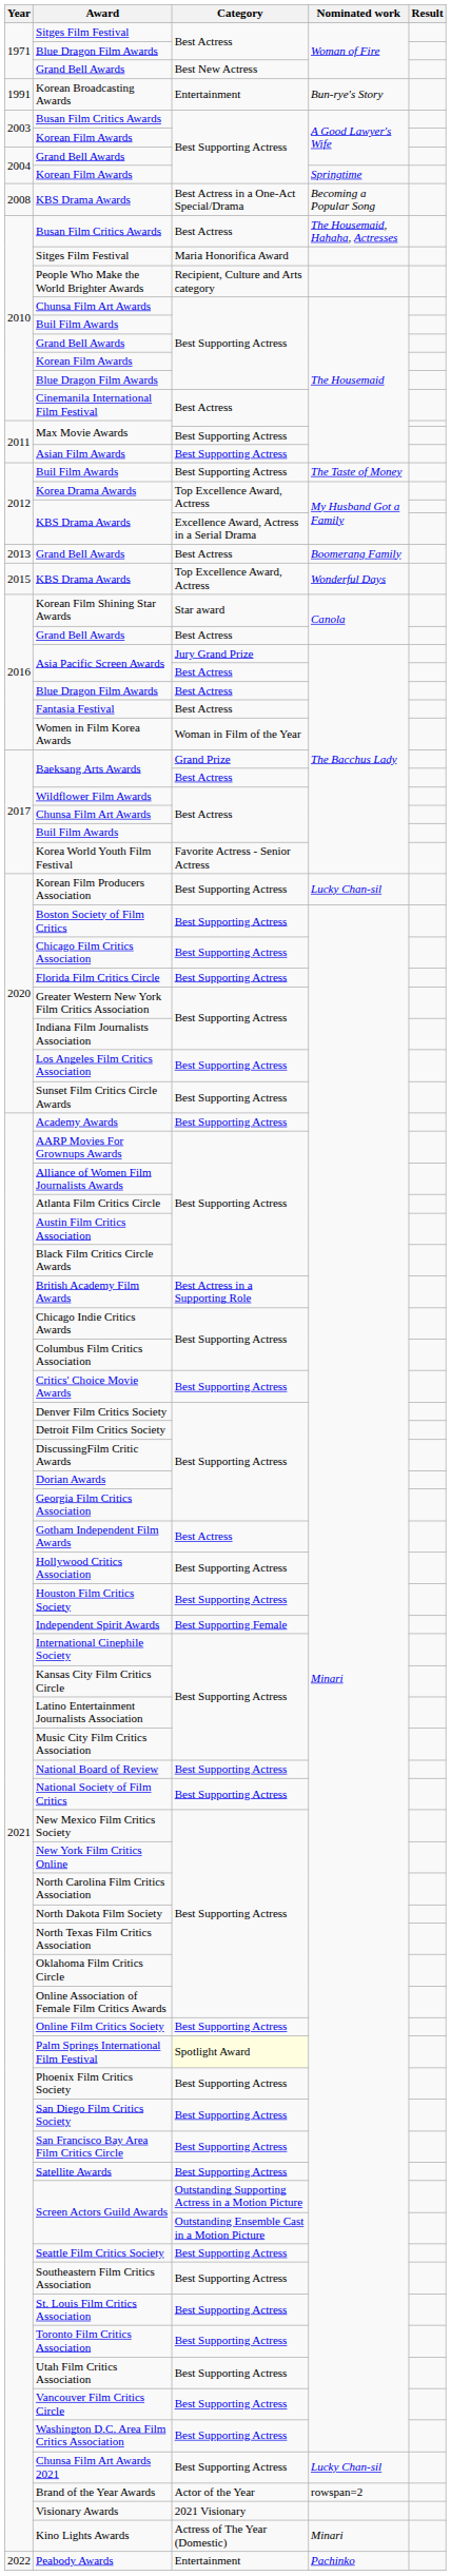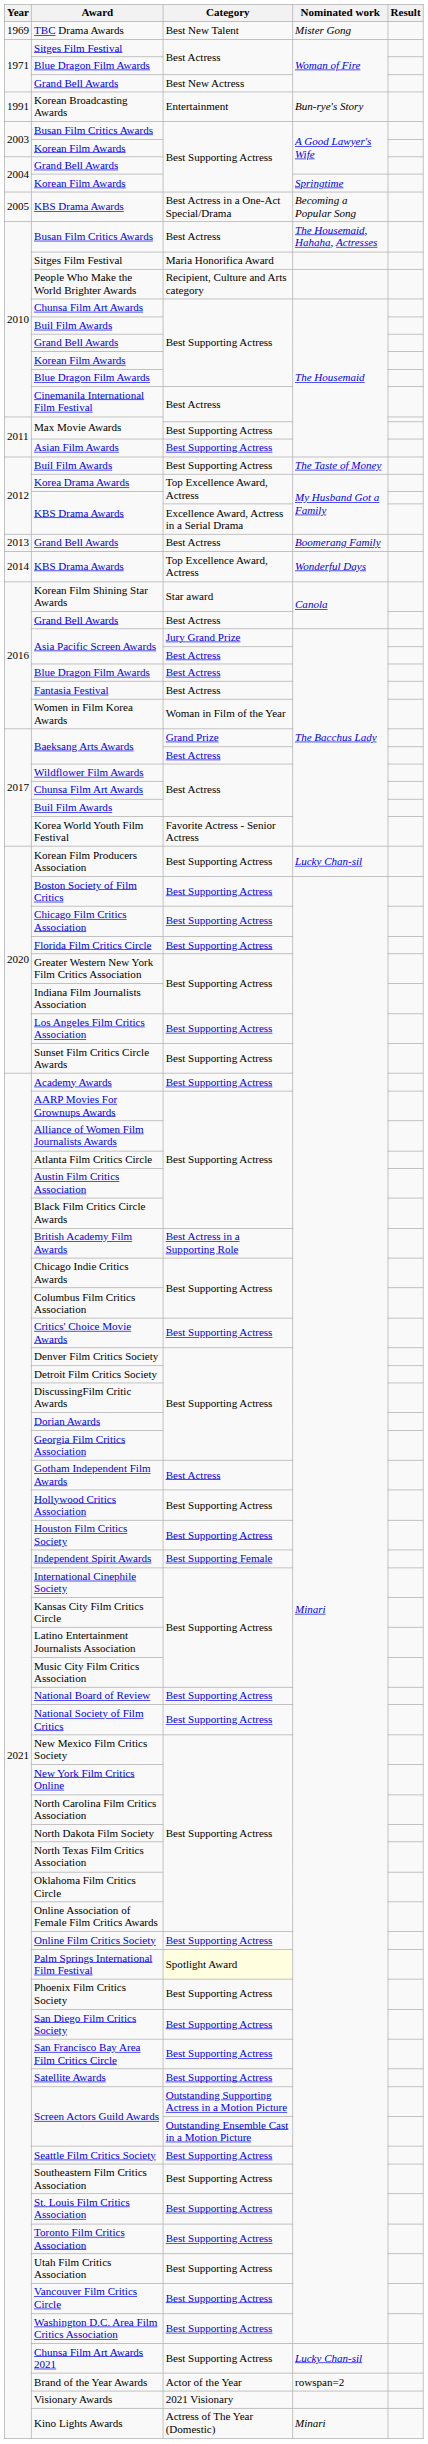 <table class="wikitable sortable">
 <tr>
 <th>Year</th>
 <th>Award</th>
 <th>Category</th>
 <th>Nominated work</th>
 <th>Result</th>
+</tr>
+<tr>
+<td>1969</td>
+<td><a href='#'>TBC</a> Drama Awards</td>
+<td>Best New Talent</td>
+<td><em>Mister Gong</em></td>
+<td></td>
 </tr>
 <tr>
 <td rowspan=3>1971</td>
 <td><a href='#'>Sitges Film Festival</a></td>
 <td rowspan="2">Best Actress</td>
 <td rowspan=3><em><a href='#'>Woman of Fire</a></em></td>
 <td></td>
 </tr>
 <tr>
 <td><a href='#'>Blue Dragon Film Awards</a></td>
 <td></td>
 </tr>
 <tr>
 <td><a href='#'>Grand Bell Awards</a></td>
 <td>Best New Actress</td>
 <td></td>
 </tr>
 <tr>
 <td>1991</td>
 <td>Korean Broadcasting Awards</td>
 <td>Entertainment</td>
 <td><em>Bun-rye's Story</em></td>
 <td></td>
 </tr>
 <tr>
 <td rowspan=2>2003</td>
 <td><a href='#'>Busan Film Critics Awards</a></td>
 <td rowspan="4">Best Supporting Actress</td>
 <td rowspan=3><em><a href='#'>A Good Lawyer's Wife</a></em></td>
 <td></td>
 </tr>
 <tr>
 <td><a href='#'>Korean Film Awards</a></td>
 <td></td>
 </tr>
 <tr>
 <td rowspan=2>2004</td>
 <td><a href='#'>Grand Bell Awards</a></td>
 <td></td>
 </tr>
 <tr>
 <td><a href='#'>Korean Film Awards</a></td>
 <td><em><a href='#'>Springtime</a></em></td>
 <td></td>
 </tr>
 <tr>
-<td>2008</td>
+<td>2005</td>
 <td><a href='#'>KBS Drama Awards</a></td>
 <td>Best Actress in a One-Act Special/Drama</td>
 <td><em>Becoming a Popular Song</em></td>
 <td></td>
 </tr>
 <tr>
 <td rowspan="9">2010</td>
 <td><a href='#'>Busan Film Critics Awards</a></td>
 <td>Best Actress</td>
 <td><em><a href='#'>The Housemaid</a></em>, <em><a href='#'>Hahaha</a></em>, <em><a href='#'>Actresses</a></em></td>
 <td></td>
 </tr>
 <tr>
 <td>Sitges Film Festival</td>
 <td>Maria Honorifica Award</td>
 <td></td>
 <td></td>
 </tr>
 <tr>
 <td>People Who Make the World Brighter Awards</td>
 <td>Recipient, Culture and Arts category</td>
 <td></td>
 <td></td>
 </tr>
 <tr>
 <td><a href='#'>Chunsa Film Art Awards</a></td>
 <td rowspan="5">Best Supporting Actress</td>
 <td rowspan="9"><em><a href='#'>The Housemaid</a></em></td>
 <td></td>
 </tr>
 <tr>
 <td><a href='#'>Buil Film Awards</a></td>
 <td></td>
 </tr>
 <tr>
 <td><a href='#'>Grand Bell Awards</a></td>
 <td></td>
 </tr>
 <tr>
 <td><a href='#'>Korean Film Awards</a></td>
 <td></td>
 </tr>
 <tr>
 <td><a href='#'>Blue Dragon Film Awards</a></td>
 <td></td>
 </tr>
 <tr>
 <td><a href='#'>Cinemanila International Film Festival</a></td>
 <td rowspan="2">Best Actress</td>
 <td></td>
 </tr>
 <tr>
 <td rowspan="3">2011</td>
 <td rowspan="2">Max Movie Awards</td>
 <td></td>
 </tr>
 <tr>
 <td>Best Supporting Actress</td>
 <td></td>
 </tr>
 <tr>
 <td><a href='#'>Asian Film Awards</a></td>
 <td><a href='#'>Best Supporting Actress</a></td>
 <td></td>
 </tr>
 <tr>
 <td rowspan=4>2012</td>
 <td><a href='#'>Buil Film Awards</a></td>
 <td>Best Supporting Actress</td>
 <td><em><a href='#'>The Taste of Money</a></em></td>
 <td></td>
 </tr>
 <tr>
 <td><a href='#'>Korea Drama Awards</a></td>
 <td rowspan="2">Top Excellence Award, Actress</td>
 <td rowspan=3><em><a href='#'>My Husband Got a Family</a></em></td>
 <td></td>
 </tr>
 <tr>
 <td rowspan=2><a href='#'>KBS Drama Awards</a></td>
 <td></td>
 </tr>
 <tr>
 <td>Excellence Award, Actress in a Serial Drama</td>
 <td></td>
 </tr>
 <tr>
 <td>2013</td>
 <td><a href='#'>Grand Bell Awards</a></td>
 <td>Best Actress</td>
 <td><em><a href='#'>Boomerang Family</a></em></td>
 <td></td>
 </tr>
 <tr>
-<td>2015</td>
+<td>2014</td>
 <td><a href='#'>KBS Drama Awards</a></td>
 <td>Top Excellence Award, Actress</td>
 <td><em><a href='#'>Wonderful Days</a></em></td>
 <td></td>
 </tr>
 <tr>
 <td rowspan=7>2016</td>
 <td>Korean Film Shining Star Awards</td>
 <td>Star award</td>
 <td rowspan="2"><em><a href='#'>Canola</a></em></td>
 <td></td>
 </tr>
 <tr>
 <td><a href='#'>Grand Bell Awards</a></td>
 <td>Best Actress</td>
 <td></td>
 </tr>
 <tr>
 <td rowspan="2"><a href='#'>Asia Pacific Screen Awards</a></td>
 <td><a href='#'>Jury Grand Prize</a></td>
 <td rowspan="11"><em><a href='#'>The Bacchus Lady</a></em></td>
 <td></td>
 </tr>
 <tr>
 <td><a href='#'>Best Actress</a></td>
 <td></td>
 </tr>
 <tr>
 <td><a href='#'>Blue Dragon Film Awards</a></td>
 <td><a href='#'>Best Actress</a></td>
 <td></td>
 </tr>
 <tr>
 <td><a href='#'>Fantasia Festival</a></td>
 <td>Best Actress</td>
 <td></td>
 </tr>
 <tr>
 <td>Women in Film Korea Awards</td>
 <td>Woman in Film of the Year</td>
 <td></td>
 </tr>
 <tr>
 <td rowspan=6>2017</td>
 <td rowspan=2><a href='#'>Baeksang Arts Awards</a></td>
 <td><a href='#'>Grand Prize</a></td>
 <td></td>
 </tr>
 <tr>
 <td><a href='#'>Best Actress</a></td>
 <td></td>
 </tr>
 <tr>
 <td><a href='#'>Wildflower Film Awards</a></td>
 <td rowspan="3">Best Actress</td>
 <td></td>
 </tr>
 <tr>
 <td><a href='#'>Chunsa Film Art Awards</a></td>
 <td></td>
 </tr>
 <tr>
 <td><a href='#'>Buil Film Awards</a></td>
 <td></td>
 </tr>
 <tr>
 <td>Korea World Youth Film Festival</td>
 <td>Favorite Actress - Senior Actress</td>
 <td></td>
 </tr>
 <tr>
 <td rowspan=8>2020</td>
 <td>Korean Film Producers Association</td>
 <td>Best Supporting Actress</td>
 <td><em><a href='#'>Lucky Chan-sil</a></em></td>
 <td></td>
 </tr>
 <tr>
 <td><a href='#'>Boston Society of Film Critics</a></td>
 <td><a href='#'>Best Supporting Actress</a></td>
 <td rowspan=54><em><a href='#'>Minari</a></em></td>
 <td></td>
 </tr>
 <tr>
 <td><a href='#'>Chicago Film Critics Association</a></td>
 <td><a href='#'>Best Supporting Actress</a></td>
 <td></td>
 </tr>
 <tr>
 <td><a href='#'>Florida Film Critics Circle</a></td>
 <td><a href='#'>Best Supporting Actress</a></td>
 <td></td>
 </tr>
 <tr>
 <td>Greater Western New York Film Critics Association</td>
 <td rowspan="2">Best Supporting Actress</td>
 <td></td>
 </tr>
 <tr>
 <td>Indiana Film Journalists Association</td>
 <td></td>
 </tr>
 <tr>
 <td><a href='#'>Los Angeles Film Critics Association</a></td>
 <td><a href='#'>Best Supporting Actress</a></td>
 <td></td>
 </tr>
 <tr>
 <td>Sunset Film Critics Circle Awards</td>
 <td>Best Supporting Actress</td>
 <td></td>
 </tr>
 <tr>
 <td rowspan=51>2021</td>
 <td><a href='#'>Academy Awards</a></td>
 <td><a href='#'>Best Supporting Actress</a></td>
 <td></td>
 </tr>
 <tr>
 <td><a href='#'>AARP Movies For Grownups Awards</a></td>
 <td rowspan="5">Best Supporting Actress</td>
 <td></td>
 </tr>
 <tr>
 <td><a href='#'>Alliance of Women Film Journalists Awards</a></td>
 <td></td>
 </tr>
 <tr>
 <td>Atlanta Film Critics Circle</td>
 <td></td>
 </tr>
 <tr>
 <td><a href='#'>Austin Film Critics Association</a></td>
 <td></td>
 </tr>
 <tr>
 <td>Black Film Critics Circle Awards</td>
 <td></td>
 </tr>
 <tr>
 <td><a href='#'>British Academy Film Awards</a></td>
 <td><a href='#'>Best Actress in a Supporting Role</a></td>
 <td></td>
 </tr>
 <tr>
 <td>Chicago Indie Critics Awards</td>
 <td rowspan="2">Best Supporting Actress</td>
 <td></td>
 </tr>
 <tr>
 <td>Columbus Film Critics Association</td>
 <td></td>
 </tr>
 <tr>
 <td><a href='#'>Critics' Choice Movie Awards</a></td>
 <td><a href='#'>Best Supporting Actress</a></td>
 <td></td>
 </tr>
 <tr>
 <td>Denver Film Critics Society</td>
 <td rowspan="5">Best Supporting Actress</td>
 <td></td>
 </tr>
 <tr>
 <td>Detroit Film Critics Society</td>
 <td></td>
 </tr>
 <tr>
 <td>DiscussingFilm Critic Awards</td>
 <td></td>
 </tr>
 <tr>
 <td><a href='#'>Dorian Awards</a></td>
 <td></td>
 </tr>
 <tr>
 <td><a href='#'>Georgia Film Critics Association</a></td>
 <td></td>
 </tr>
 <tr>
 <td><a href='#'>Gotham Independent Film Awards</a></td>
 <td><a href='#'>Best Actress</a></td>
 <td></td>
 </tr>
 <tr>
 <td><a href='#'>Hollywood Critics Association</a></td>
 <td>Best Supporting Actress</td>
 <td></td>
 </tr>
 <tr>
 <td><a href='#'>Houston Film Critics Society</a></td>
 <td><a href='#'>Best Supporting Actress</a></td>
 <td></td>
 </tr>
 <tr>
 <td><a href='#'>Independent Spirit Awards</a></td>
 <td><a href='#'>Best Supporting Female</a></td>
 <td></td>
 </tr>
 <tr>
 <td><a href='#'>International Cinephile Society</a></td>
 <td rowspan="4">Best Supporting Actress</td>
 <td></td>
 </tr>
 <tr>
 <td>Kansas City Film Critics Circle</td>
 <td></td>
 </tr>
 <tr>
 <td>Latino Entertainment Journalists Association</td>
 <td></td>
 </tr>
 <tr>
 <td>Music City Film Critics Association</td>
 <td></td>
 </tr>
 <tr>
 <td><a href='#'>National Board of Review</a></td>
 <td><a href='#'>Best Supporting Actress</a></td>
 <td></td>
 </tr>
 <tr>
 <td><a href='#'>National Society of Film Critics</a></td>
 <td><a href='#'>Best Supporting Actress</a></td>
 <td></td>
 </tr>
 <tr>
 <td>New Mexico Film Critics Society</td>
 <td rowspan="7">Best Supporting Actress</td>
 <td></td>
 </tr>
 <tr>
 <td><a href='#'>New York Film Critics Online</a></td>
 <td></td>
 </tr>
 <tr>
 <td>North Carolina Film Critics Association</td>
 <td></td>
 </tr>
 <tr>
 <td>North Dakota Film Society</td>
 <td></td>
 </tr>
 <tr>
 <td>North Texas Film Critics Association</td>
 <td></td>
 </tr>
 <tr>
 <td>Oklahoma Film Critics Circle</td>
 <td></td>
 </tr>
 <tr>
 <td>Online Association of Female Film Critics Awards</td>
 <td></td>
 </tr>
 <tr>
 <td><a href='#'>Online Film Critics Society</a></td>
 <td><a href='#'>Best Supporting Actress</a></td>
 <td></td>
 </tr>
 <tr>
 <td><a href='#'>Palm Springs International Film Festival</a></td>
 <td style="background: lightyellow;">Spotlight Award</td>
 <td></td>
 </tr>
 <tr>
 <td>Phoenix Film Critics Society</td>
 <td>Best Supporting Actress</td>
 <td></td>
 </tr>
 <tr>
 <td><a href='#'>San Diego Film Critics Society</a></td>
 <td><a href='#'>Best Supporting Actress</a></td>
 <td></td>
 </tr>
 <tr>
 <td><a href='#'>San Francisco Bay Area Film Critics Circle</a></td>
 <td><a href='#'>Best Supporting Actress</a></td>
 <td></td>
 </tr>
 <tr>
 <td><a href='#'>Satellite Awards</a></td>
 <td><a href='#'>Best Supporting Actress</a></td>
 <td></td>
 </tr>
 <tr>
 <td rowspan=2><a href='#'>Screen Actors Guild Awards</a></td>
 <td><a href='#'>Outstanding Supporting Actress in a Motion Picture</a></td>
 <td></td>
 </tr>
 <tr>
 <td><a href='#'>Outstanding Ensemble Cast in a Motion Picture</a></td>
 <td></td>
 </tr>
 <tr>
 <td><a href='#'>Seattle Film Critics Society</a></td>
 <td><a href='#'>Best Supporting Actress</a></td>
 <td></td>
 </tr>
 <tr>
 <td>Southeastern Film Critics Association</td>
 <td>Best Supporting Actress</td>
 <td></td>
 </tr>
 <tr>
 <td><a href='#'>St. Louis Film Critics Association</a></td>
 <td><a href='#'>Best Supporting Actress</a></td>
 <td></td>
 </tr>
 <tr>
 <td><a href='#'>Toronto Film Critics Association</a></td>
 <td><a href='#'>Best Supporting Actress</a></td>
 <td></td>
 </tr>
 <tr>
 <td>Utah Film Critics Association</td>
 <td>Best Supporting Actress</td>
 <td></td>
 </tr>
 <tr>
 <td><a href='#'>Vancouver Film Critics Circle</a></td>
 <td><a href='#'>Best Supporting Actress</a></td>
 <td></td>
 </tr>
 <tr>
 <td><a href='#'>Washington D.C. Area Film Critics Association</a></td>
 <td><a href='#'>Best Supporting Actress</a></td>
 <td></td>
 </tr>
 <tr>
 <td><a href='#'>Chunsa Film Art Awards 2021</a></td>
 <td>Best Supporting Actress</td>
 <td><em><a href='#'>Lucky Chan-sil</a></em></td>
 <td></td>
 </tr>
 <tr>
 <td>Brand of the Year Awards</td>
 <td>Actor of the Year</td>
 <td>rowspan=2 </td>
 <td></td>
 </tr>
 <tr>
 <td>Visionary Awards</td>
 <td>2021 Visionary</td>
 <td></td>
 </tr>
 <tr>
 <td>Kino Lights Awards</td>
 <td>Actress of The Year (Domestic)</td>
 <td><em>Minari</em></td>
 <td></td>
 </tr>
-<tr>
-<td>2022</td>
-<td><a href='#'>Peabody Awards</a></td>
-<td>Entertainment</td>
-<td><em><a href='#'>Pachinko</a></em></td>
-<td></td>
-</tr>
 </table>
